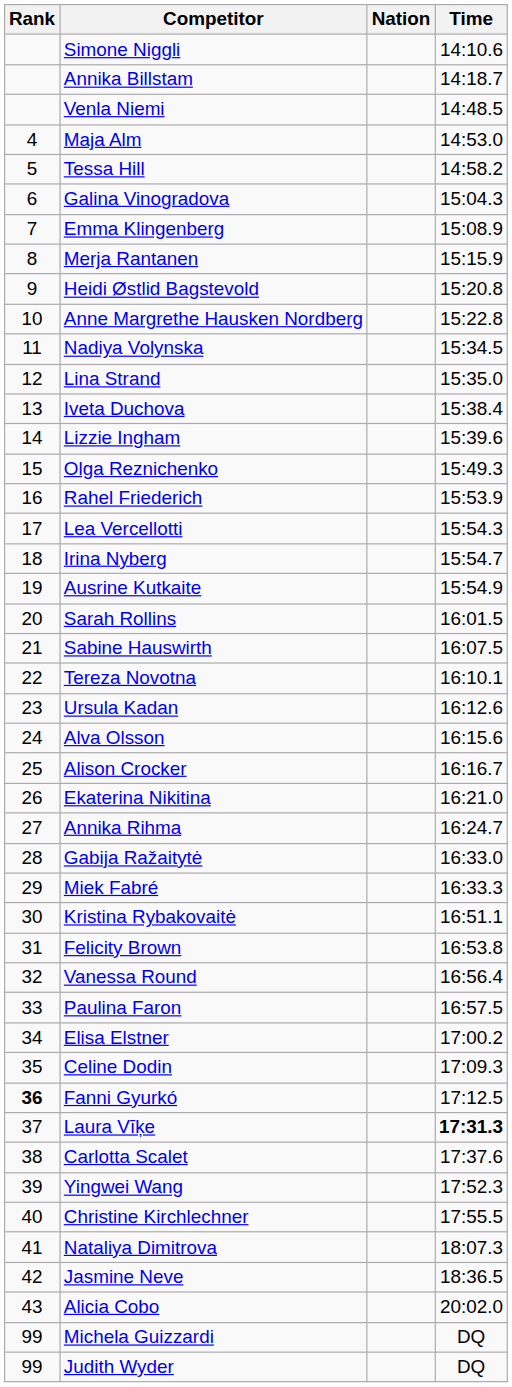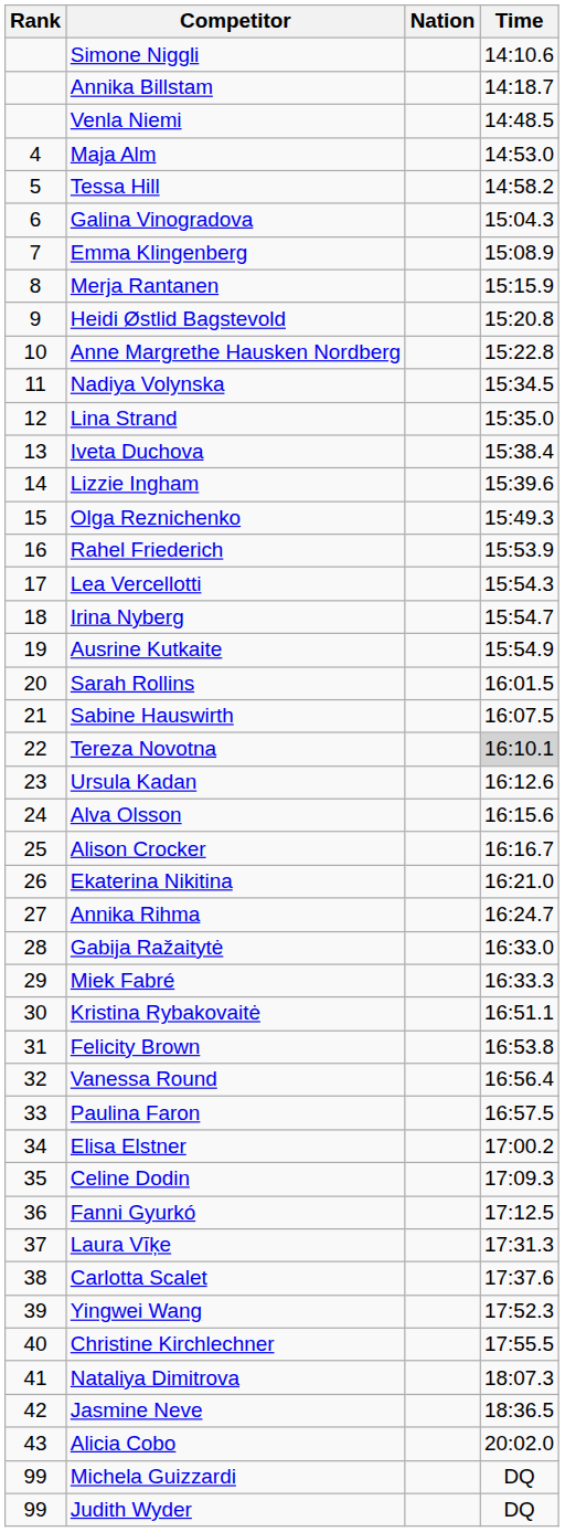 <table class="wikitable sortable" style="text-align:left">
 <tr>
 <th data-sort-type="number">Rank</th>
 <th class="unsortable">Competitor</th>
 <th>Nation</th>
 <th>Time</th>
 </tr>
 <tr>
 <td style="text-align:center"></td>
 <td><a href='#'>Simone Niggli</a></td>
 <td></td>
 <td style="text-align:right">14:10.6</td>
 </tr>
 <tr>
 <td style="text-align:center"></td>
 <td><a href='#'>Annika Billstam</a></td>
 <td></td>
 <td style="text-align:right">14:18.7</td>
 </tr>
 <tr>
 <td style="text-align:center"></td>
 <td><a href='#'>Venla Niemi</a></td>
 <td></td>
 <td style="text-align:right">14:48.5</td>
 </tr>
 <tr>
 <td style="text-align:center">4</td>
 <td><a href='#'>Maja Alm</a></td>
 <td></td>
 <td style="text-align:right">14:53.0</td>
 </tr>
 <tr>
 <td style="text-align:center">5</td>
 <td><a href='#'>Tessa Hill</a></td>
 <td></td>
 <td style="text-align:right">14:58.2</td>
 </tr>
 <tr>
 <td style="text-align:center">6</td>
 <td><a href='#'>Galina Vinogradova</a></td>
 <td></td>
 <td style="text-align:right">15:04.3</td>
 </tr>
 <tr>
 <td style="text-align:center">7</td>
 <td><a href='#'>Emma Klingenberg</a></td>
 <td></td>
 <td style="text-align:right">15:08.9</td>
 </tr>
 <tr>
 <td style="text-align:center">8</td>
 <td><a href='#'>Merja Rantanen</a></td>
 <td></td>
 <td style="text-align:right">15:15.9</td>
 </tr>
 <tr>
 <td style="text-align:center">9</td>
 <td><a href='#'>Heidi Østlid Bagstevold</a></td>
 <td></td>
 <td style="text-align:right">15:20.8</td>
 </tr>
 <tr>
 <td style="text-align:center">10</td>
 <td><a href='#'>Anne Margrethe Hausken Nordberg</a></td>
 <td></td>
 <td style="text-align:right">15:22.8</td>
 </tr>
 <tr>
 <td style="text-align:center">11</td>
 <td><a href='#'>Nadiya Volynska</a></td>
 <td></td>
 <td style="text-align:right">15:34.5</td>
 </tr>
 <tr>
 <td style="text-align:center">12</td>
 <td><a href='#'>Lina Strand</a></td>
 <td></td>
 <td style="text-align:right">15:35.0</td>
 </tr>
 <tr>
 <td style="text-align:center">13</td>
 <td><a href='#'>Iveta Duchova</a></td>
 <td></td>
 <td style="text-align:right">15:38.4</td>
 </tr>
 <tr>
 <td style="text-align:center">14</td>
 <td><a href='#'>Lizzie Ingham</a></td>
 <td></td>
 <td style="text-align:right">15:39.6</td>
 </tr>
 <tr>
 <td style="text-align:center">15</td>
 <td><a href='#'>Olga Reznichenko</a></td>
 <td></td>
 <td style="text-align:right">15:49.3</td>
 </tr>
 <tr>
 <td style="text-align:center">16</td>
 <td><a href='#'>Rahel Friederich</a></td>
 <td></td>
 <td style="text-align:right">15:53.9</td>
 </tr>
 <tr>
 <td style="text-align:center">17</td>
 <td><a href='#'>Lea Vercellotti</a></td>
 <td></td>
 <td style="text-align:right">15:54.3</td>
 </tr>
 <tr>
 <td style="text-align:center">18</td>
 <td><a href='#'>Irina Nyberg</a></td>
 <td></td>
 <td style="text-align:right">15:54.7</td>
 </tr>
 <tr>
 <td style="text-align:center">19</td>
 <td><a href='#'>Ausrine Kutkaite</a></td>
 <td></td>
 <td style="text-align:right">15:54.9</td>
 </tr>
 <tr>
 <td style="text-align:center">20</td>
 <td><a href='#'>Sarah Rollins</a></td>
 <td></td>
 <td style="text-align:right">16:01.5</td>
 </tr>
 <tr>
 <td style="text-align:center">21</td>
 <td><a href='#'>Sabine Hauswirth</a></td>
 <td></td>
 <td style="text-align:right">16:07.5</td>
 </tr>
 <tr>
 <td style="text-align:center">22</td>
 <td><a href='#'>Tereza Novotna</a></td>
 <td></td>
-<td style="text-align:right">16:10.1</td>
+<td style="background: lightgrey; text-align:right">16:10.1</td>
 </tr>
 <tr>
 <td style="text-align:center">23</td>
 <td><a href='#'>Ursula Kadan</a></td>
 <td></td>
 <td style="text-align:right">16:12.6</td>
 </tr>
 <tr>
 <td style="text-align:center">24</td>
 <td><a href='#'>Alva Olsson</a></td>
 <td></td>
 <td style="text-align:right">16:15.6</td>
 </tr>
 <tr>
 <td style="text-align:center">25</td>
 <td><a href='#'>Alison Crocker</a></td>
 <td></td>
 <td style="text-align:right">16:16.7</td>
 </tr>
 <tr>
 <td style="text-align:center">26</td>
 <td><a href='#'>Ekaterina Nikitina</a></td>
 <td></td>
 <td style="text-align:right">16:21.0</td>
 </tr>
 <tr>
 <td style="text-align:center">27</td>
 <td><a href='#'>Annika Rihma</a></td>
 <td></td>
 <td style="text-align:right">16:24.7</td>
 </tr>
 <tr>
 <td style="text-align:center">28</td>
 <td><a href='#'>Gabija Ražaitytė</a></td>
 <td></td>
 <td style="text-align:right">16:33.0</td>
 </tr>
 <tr>
 <td style="text-align:center">29</td>
 <td><a href='#'>Miek Fabré</a></td>
 <td></td>
 <td style="text-align:right">16:33.3</td>
 </tr>
 <tr>
 <td style="text-align:center">30</td>
 <td><a href='#'>Kristina Rybakovaitė</a></td>
 <td></td>
 <td style="text-align:right">16:51.1</td>
 </tr>
 <tr>
 <td style="text-align:center">31</td>
 <td><a href='#'>Felicity Brown</a></td>
 <td></td>
 <td style="text-align:right">16:53.8</td>
 </tr>
 <tr>
 <td style="text-align:center">32</td>
 <td><a href='#'>Vanessa Round</a></td>
 <td></td>
 <td style="text-align:right">16:56.4</td>
 </tr>
 <tr>
 <td style="text-align:center">33</td>
 <td><a href='#'>Paulina Faron</a></td>
 <td></td>
 <td style="text-align:right">16:57.5</td>
 </tr>
 <tr>
 <td style="text-align:center">34</td>
 <td><a href='#'>Elisa Elstner</a></td>
 <td></td>
 <td style="text-align:right">17:00.2</td>
 </tr>
 <tr>
 <td style="text-align:center">35</td>
 <td><a href='#'>Celine Dodin</a></td>
 <td></td>
 <td style="text-align:right">17:09.3</td>
 </tr>
 <tr>
-<td style="text-align:center"><strong>36</strong></td>
+<td style="text-align:center">36</td>
 <td><a href='#'>Fanni Gyurkó</a></td>
 <td></td>
 <td style="text-align:right">17:12.5</td>
 </tr>
 <tr>
 <td style="text-align:center">37</td>
 <td><a href='#'>Laura Vīķe</a></td>
 <td></td>
-<td style="text-align:right"><strong>17:31.3</strong></td>
+<td style="text-align:right">17:31.3</td>
 </tr>
 <tr>
 <td style="text-align:center">38</td>
 <td><a href='#'>Carlotta Scalet</a></td>
 <td></td>
 <td style="text-align:right">17:37.6</td>
 </tr>
 <tr>
 <td style="text-align:center">39</td>
 <td><a href='#'>Yingwei Wang</a></td>
 <td></td>
 <td style="text-align:right">17:52.3</td>
 </tr>
 <tr>
 <td style="text-align:center">40</td>
 <td><a href='#'>Christine Kirchlechner</a></td>
 <td></td>
 <td style="text-align:right">17:55.5</td>
 </tr>
 <tr>
 <td style="text-align:center">41</td>
 <td><a href='#'>Nataliya Dimitrova</a></td>
 <td></td>
 <td style="text-align:right">18:07.3</td>
 </tr>
 <tr>
 <td style="text-align:center">42</td>
 <td><a href='#'>Jasmine Neve</a></td>
 <td></td>
 <td style="text-align:right">18:36.5</td>
 </tr>
 <tr>
 <td style="text-align:center">43</td>
 <td><a href='#'>Alicia Cobo</a></td>
 <td></td>
 <td style="text-align:right">20:02.0</td>
 </tr>
 <tr>
 <td style="text-align:center"><span>99</span></td>
 <td><a href='#'>Michela Guizzardi</a></td>
 <td></td>
 <td style="text-align:center">DQ</td>
 </tr>
 <tr>
 <td style="text-align:center"><span>99</span></td>
 <td><a href='#'>Judith Wyder</a></td>
 <td></td>
 <td style="text-align:center">DQ</td>
 </tr>
 </table>
